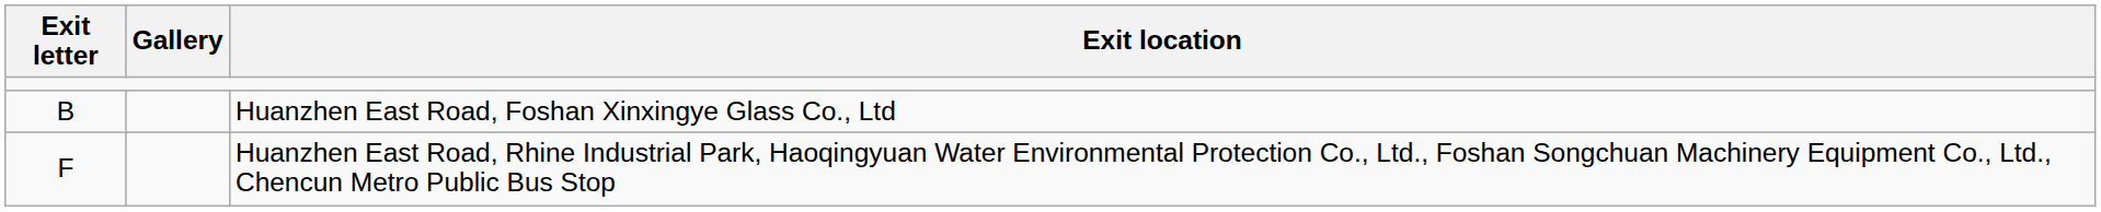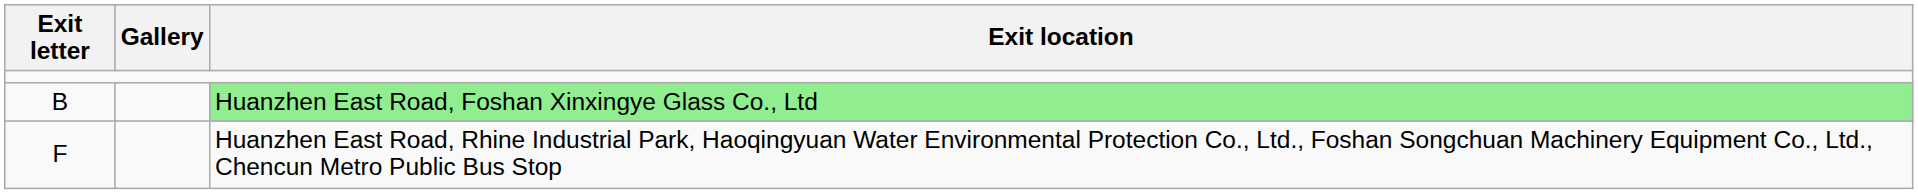 <table class="wikitable">
 <tr>
 <th colspan="2" style="width:70px">Exit letter</th>
 <th>Gallery</th>
 <th>Exit location</th>
 </tr>
 <tr style="background:#">
 <td colspan="4"></td>
 </tr>
 <tr>
 <td colspan="2" align="center">B</td>
 <td></td>
-<td>Huanzhen East Road, Foshan Xinxingye Glass Co., Ltd</td>
+<td style="background: lightgreen;">Huanzhen East Road, Foshan Xinxingye Glass Co., Ltd</td>
 </tr>
 <tr>
 <td colspan="2" align="center">F</td>
 <td></td>
 <td>Huanzhen East Road, Rhine Industrial Park, Haoqingyuan Water Environmental Protection Co., Ltd., Foshan Songchuan Machinery Equipment Co., Ltd., Chencun Metro Public Bus Stop</td>
 </tr>
 </table>
